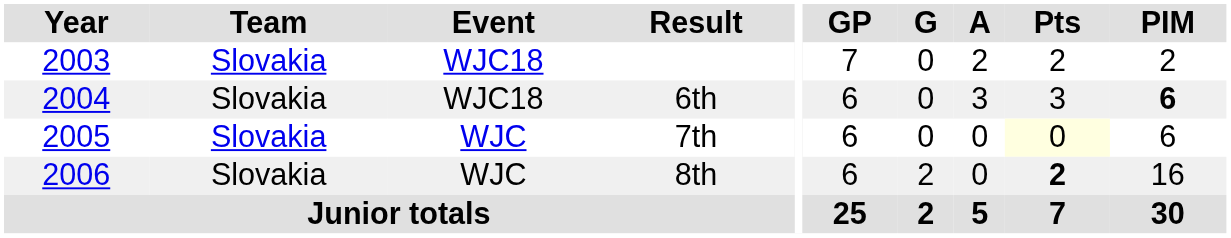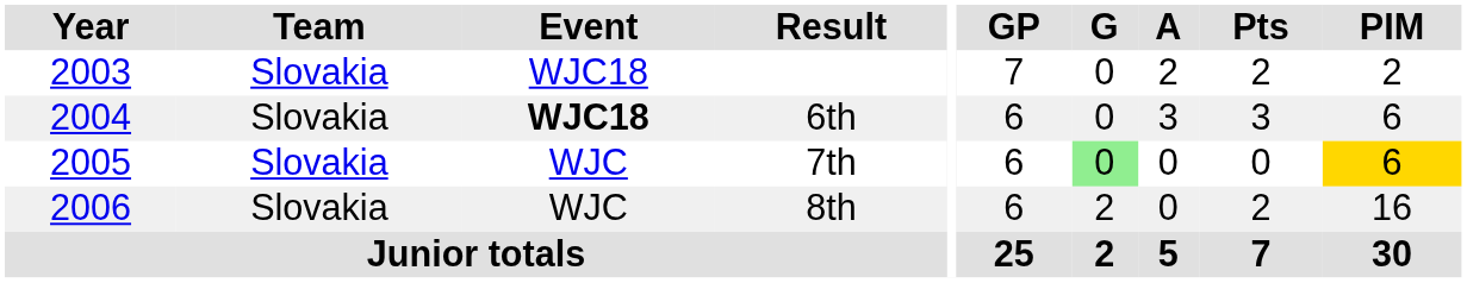 <table border="0" cellpadding="1" cellspacing="0" ID="Table3" style="text-align:center; width:40em">
 <tr ALIGN="center" bgcolor="#e0e0e0">
 <th>Year</th>
 <th>Team</th>
 <th>Event</th>
 <th>Result</th>
 <th rowspan="99" bgcolor="#ffffff"></th>
 <th>GP</th>
 <th>G</th>
 <th>A</th>
 <th>Pts</th>
 <th>PIM</th>
 </tr>
 <tr>
 <td><a href='#'>2003</a></td>
 <td><a href='#'>Slovakia</a></td>
 <td><a href='#'>WJC18</a></td>
 <td></td>
 <td>7</td>
 <td>0</td>
 <td>2</td>
 <td>2</td>
 <td>2</td>
 </tr>
 <tr bgcolor="#f0f0f0">
 <td><a href='#'>2004</a></td>
 <td>Slovakia</td>
-<td>WJC18</td>
+<td><strong>WJC18</strong></td>
 <td>6th</td>
 <td>6</td>
 <td>0</td>
 <td>3</td>
 <td>3</td>
-<td><strong>6</strong></td>
+<td>6</td>
 </tr>
 <tr>
 <td><a href='#'>2005</a></td>
 <td><a href='#'>Slovakia</a></td>
 <td><a href='#'>WJC</a></td>
 <td>7th</td>
 <td>6</td>
+<td style="background: lightgreen;">0</td>
 <td>0</td>
 <td>0</td>
-<td style="background: lightyellow;">0</td>
-<td>6</td>
+<td style="background: gold;">6</td>
 </tr>
 <tr bgcolor="#f0f0f0">
 <td><a href='#'>2006</a></td>
 <td>Slovakia</td>
 <td>WJC</td>
 <td>8th</td>
 <td>6</td>
 <td>2</td>
 <td>0</td>
-<td><strong>2</strong></td>
+<td>2</td>
 <td>16</td>
 </tr>
 <tr bgcolor="#e0e0e0">
 <th colspan=4>Junior totals</th>
 <th>25</th>
 <th>2</th>
 <th>5</th>
 <th>7</th>
 <th>30</th>
 </tr>
 </table>
